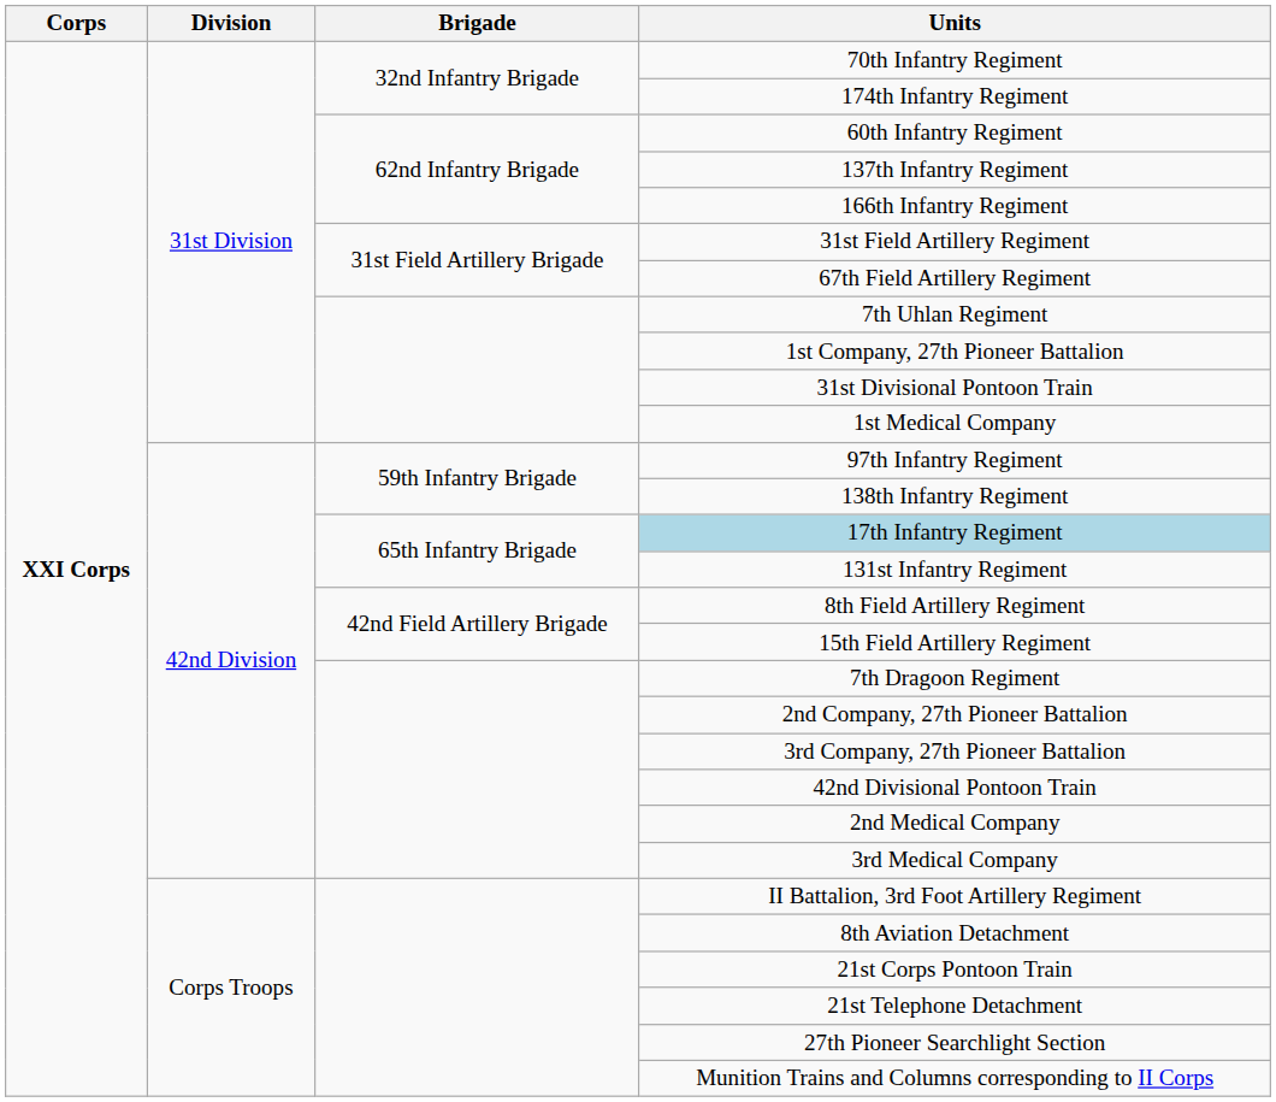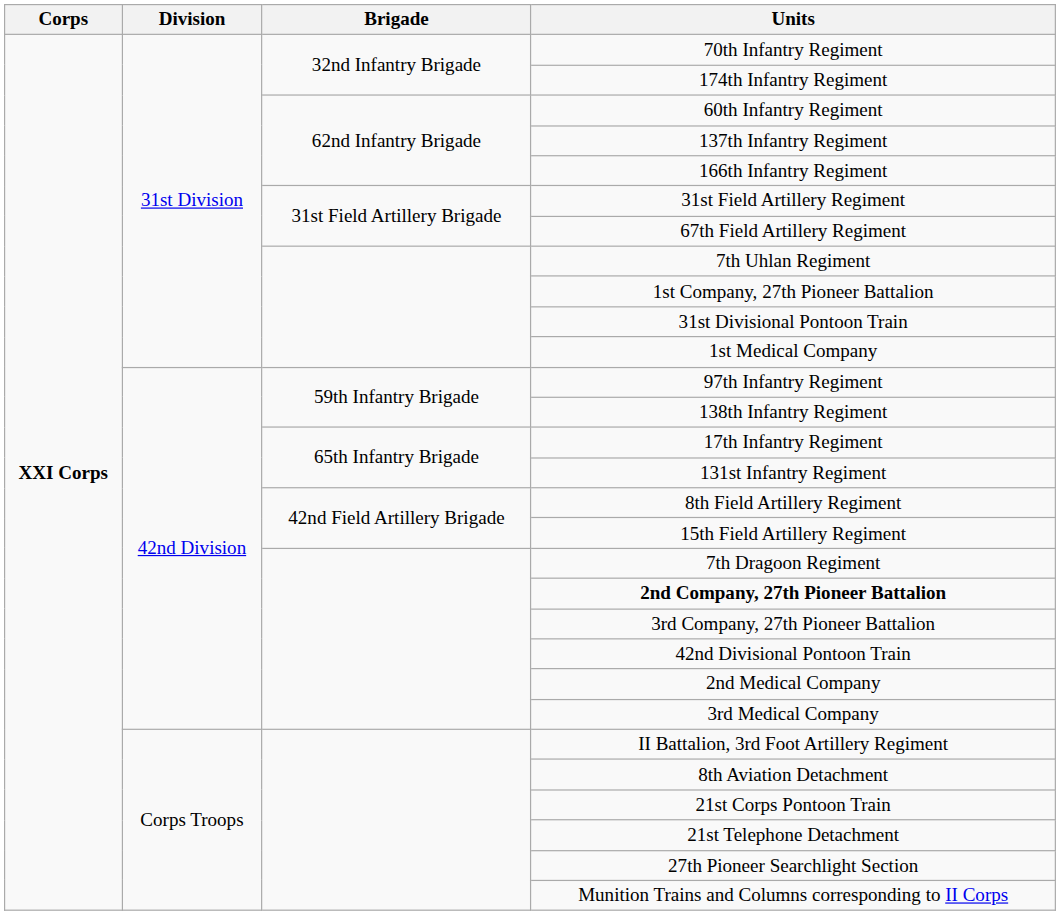 <table class="wikitable collapsible collapsed" style="text-align:center; width:100%;">
 <tr>
 <th>Corps</th>
 <th>Division</th>
 <th>Brigade</th>
 <th>Units</th>
 </tr>
 <tr>
 <td ROWSPAN=29><strong>XXI Corps</strong></td>
 <td ROWSPAN=11><a href='#'>31st Division</a></td>
 <td ROWSPAN=2>32nd Infantry Brigade</td>
 <td>70th Infantry Regiment</td>
 </tr>
 <tr>
 <td>174th Infantry Regiment</td>
 </tr>
 <tr>
 <td ROWSPAN=3>62nd Infantry Brigade</td>
 <td>60th Infantry Regiment</td>
 </tr>
 <tr>
 <td>137th Infantry Regiment</td>
 </tr>
 <tr>
 <td>166th Infantry Regiment</td>
 </tr>
 <tr>
 <td ROWSPAN=2>31st Field Artillery Brigade</td>
 <td>31st Field Artillery Regiment</td>
 </tr>
 <tr>
 <td>67th Field Artillery Regiment</td>
 </tr>
 <tr>
 <td ROWSPAN=4></td>
 <td>7th Uhlan Regiment</td>
 </tr>
 <tr>
 <td>1st Company, 27th Pioneer Battalion</td>
 </tr>
 <tr>
 <td>31st Divisional Pontoon Train</td>
 </tr>
 <tr>
 <td>1st Medical Company</td>
 </tr>
 <tr>
 <td ROWSPAN=12><a href='#'>42nd Division</a></td>
 <td ROWSPAN=2>59th Infantry Brigade</td>
 <td>97th Infantry Regiment</td>
 </tr>
 <tr>
 <td>138th Infantry Regiment</td>
 </tr>
 <tr>
 <td ROWSPAN=2>65th Infantry Brigade</td>
-<td style="background: lightblue;">17th Infantry Regiment</td>
+<td>17th Infantry Regiment</td>
 </tr>
 <tr>
 <td>131st Infantry Regiment</td>
 </tr>
 <tr>
 <td ROWSPAN=2>42nd Field Artillery Brigade</td>
 <td>8th Field Artillery Regiment</td>
 </tr>
 <tr>
 <td>15th Field Artillery Regiment</td>
 </tr>
 <tr>
 <td ROWSPAN=6></td>
 <td>7th Dragoon Regiment</td>
 </tr>
 <tr>
-<td>2nd Company, 27th Pioneer Battalion</td>
+<td><strong>2nd Company, 27th Pioneer Battalion</strong></td>
 </tr>
 <tr>
 <td>3rd Company, 27th Pioneer Battalion</td>
 </tr>
 <tr>
 <td>42nd Divisional Pontoon Train</td>
 </tr>
 <tr>
 <td>2nd Medical Company</td>
 </tr>
 <tr>
 <td>3rd Medical Company</td>
 </tr>
 <tr>
 <td ROWSPAN=6>Corps Troops</td>
 <td ROWSPAN=6></td>
 <td>II Battalion, 3rd Foot Artillery Regiment</td>
 </tr>
 <tr>
 <td>8th Aviation Detachment</td>
 </tr>
 <tr>
 <td>21st Corps Pontoon Train</td>
 </tr>
 <tr>
 <td>21st Telephone Detachment</td>
 </tr>
 <tr>
 <td>27th Pioneer Searchlight Section</td>
 </tr>
 <tr>
 <td>Munition Trains and Columns corresponding to <a href='#'>II Corps</a></td>
 </tr>
 </table>
